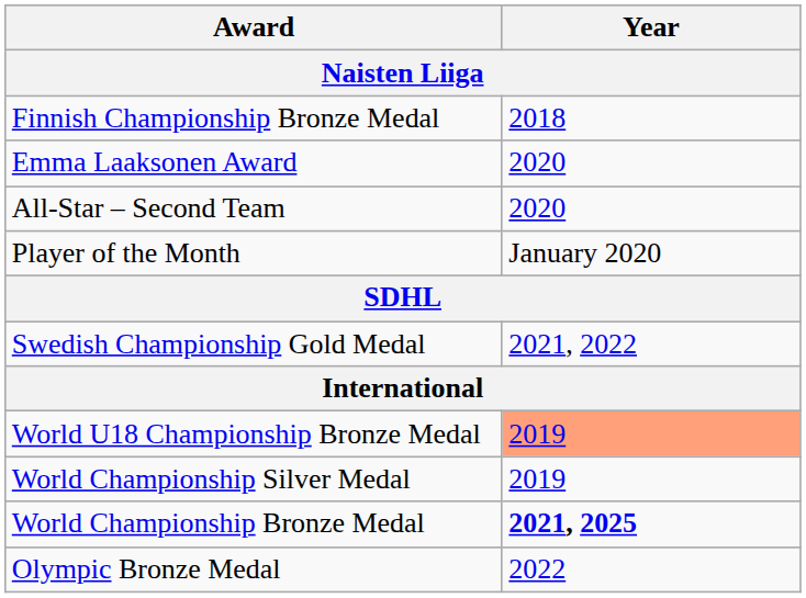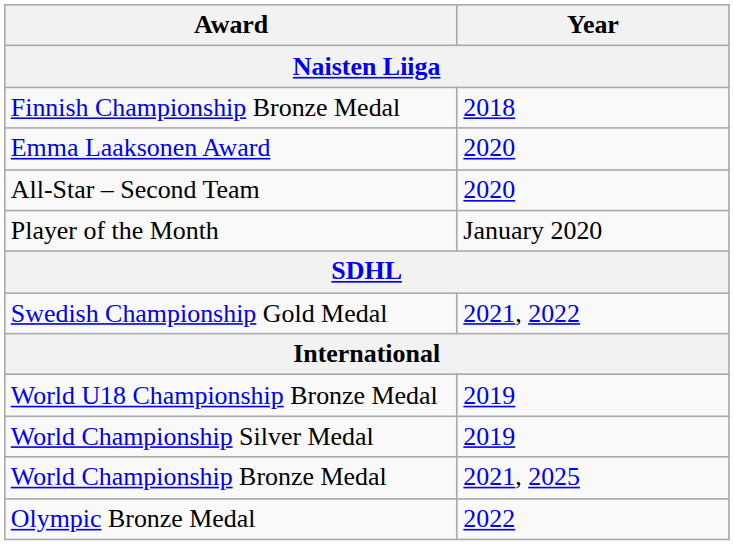 <table class="wikitable">
 <tr>
 <th scope="col" style="width:17em">Award</th>
 <th scope="col" style="width:10em">Year</th>
 </tr>
 <tr>
 <th colspan="2"><a href='#'>Naisten Liiga</a></th>
 </tr>
 <tr>
 <td><a href='#'>Finnish Championship</a> Bronze Medal</td>
 <td><a href='#'>2018</a></td>
 </tr>
 <tr>
 <td><a href='#'>Emma Laaksonen Award</a></td>
 <td><a href='#'>2020</a></td>
 </tr>
 <tr>
 <td>All-Star – Second Team</td>
 <td><a href='#'>2020</a></td>
 </tr>
 <tr>
 <td>Player of the Month</td>
 <td>January 2020</td>
 </tr>
 <tr>
 <th colspan="2"><a href='#'>SDHL</a></th>
 </tr>
 <tr>
 <td><a href='#'>Swedish Championship</a> Gold Medal</td>
 <td><a href='#'>2021</a>, <a href='#'>2022</a></td>
 </tr>
 <tr>
 <th colspan="2">International</th>
 </tr>
 <tr>
 <td><a href='#'>World U18 Championship</a> Bronze Medal</td>
-<td style="background: lightsalmon;"><a href='#'>2019</a></td>
+<td><a href='#'>2019</a></td>
 </tr>
 <tr>
 <td><a href='#'>World Championship</a> Silver Medal</td>
 <td><a href='#'>2019</a></td>
 </tr>
 <tr>
 <td><a href='#'>World Championship</a> Bronze Medal</td>
-<td><strong><a href='#'>2021</a>, <a href='#'>2025</a></strong></td>
+<td><a href='#'>2021</a>, <a href='#'>2025</a></td>
 </tr>
 <tr>
 <td><a href='#'>Olympic</a> Bronze Medal</td>
 <td><a href='#'>2022</a></td>
 </tr>
 </table>
